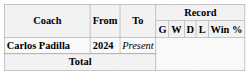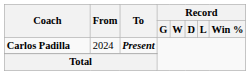 <table class="wikitable sortable nowrap" style="text-align: center">
 <tr>
 <th rowspan="2" width=125>Coach</th>
 <th rowspan="2">From</th>
 <th rowspan="2">To</th>
 <th colspan="6">Record</th>
 </tr>
 <tr>
 <th>G</th>
 <th>W</th>
 <th>D</th>
 <th>L</th>
 <th>Win %</th>
 </tr>
 <tr>
 <td align=left> <strong>Carlos Padilla</strong></td>
-<td align=left><strong>2024</strong></td>
-<td align=left><em>Present</em><br></td>
+<td align=left>2024</td>
+<td align=left><strong><em>Present</em><br></strong></td>
 </tr>
 <tr>
 </tr>
 <tr class="sortbottom">
 <th colspan="3">Total<br></th>
 </tr>
 </table>
